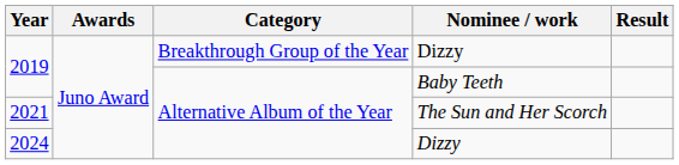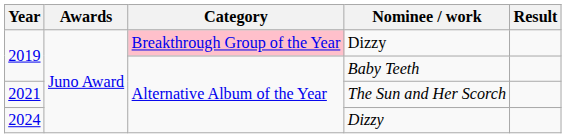 <table class="wikitable">
 <tr>
 <th>Year</th>
 <th>Awards</th>
 <th>Category</th>
 <th>Nominee / work</th>
 <th>Result</th>
 </tr>
 <tr>
 <td rowspan="2"><a href='#'>2019</a></td>
 <td rowspan="4"><a href='#'>Juno Award</a></td>
-<td><a href='#'>Breakthrough Group of the Year</a></td>
+<td style="background: pink;"><a href='#'>Breakthrough Group of the Year</a></td>
 <td>Dizzy</td>
 <td></td>
 </tr>
 <tr>
 <td rowspan=3><a href='#'>Alternative Album of the Year</a></td>
 <td><em>Baby Teeth</em></td>
 <td></td>
 </tr>
 <tr>
 <td><a href='#'>2021</a></td>
 <td><em>The Sun and Her Scorch</em></td>
 <td></td>
 </tr>
 <tr>
 <td><a href='#'>2024</a></td>
 <td><em>Dizzy</em></td>
 <td></td>
 </tr>
 </table>
